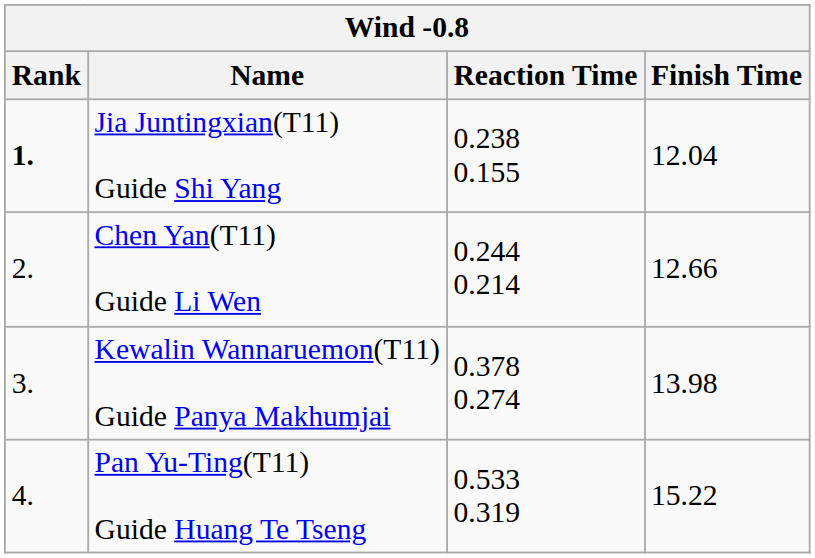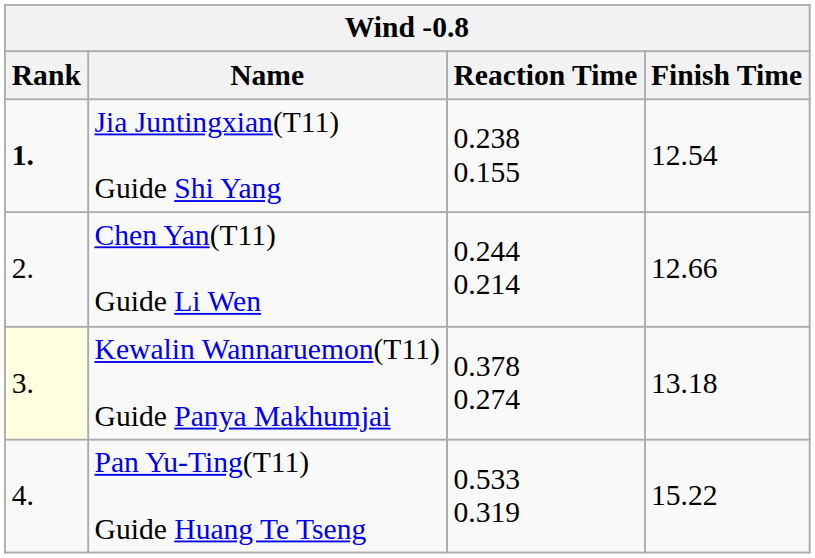 <table class="wikitable">
 <tr>
 <th colspan="4">Wind -0.8</th>
 </tr>
 <tr>
 <th>Rank</th>
 <th>Name</th>
 <th>Reaction Time</th>
 <th>Finish Time</th>
 </tr>
 <tr>
 <td><strong>1.</strong></td>
 <td><a href='#'>Jia Juntingxian</a>(T11)<br><br>Guide <a href='#'>Shi Yang</a> </td>
 <td>0.238<br>0.155</td>
-<td>12.04</td>
+<td>12.54</td>
 </tr>
 <tr>
 <td>2.</td>
 <td><a href='#'>Chen Yan</a>(T11)<br><br>Guide <a href='#'>Li Wen</a> </td>
 <td>0.244<br>0.214</td>
 <td>12.66</td>
 </tr>
 <tr>
-<td>3.</td>
+<td style="background: lightyellow;">3.</td>
 <td><a href='#'>Kewalin Wannaruemon</a>(T11)<br><br>Guide <a href='#'>Panya Makhumjai</a> </td>
 <td>0.378<br>0.274</td>
-<td>13.98</td>
+<td>13.18</td>
 </tr>
 <tr>
 <td>4.</td>
 <td><a href='#'>Pan Yu-Ting</a>(T11)<br><br>Guide <a href='#'>Huang Te Tseng</a> </td>
 <td>0.533<br>0.319</td>
 <td>15.22</td>
 </tr>
 </table>
